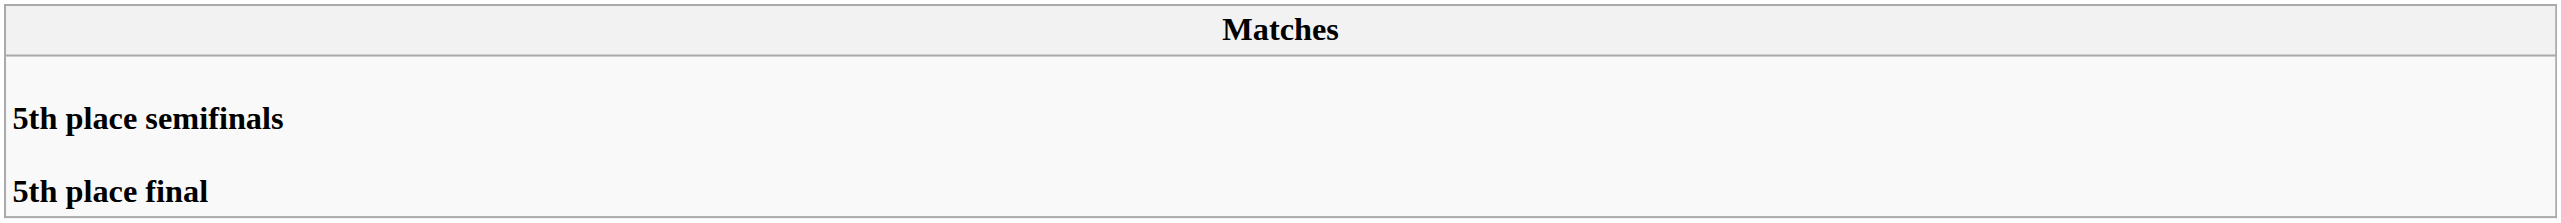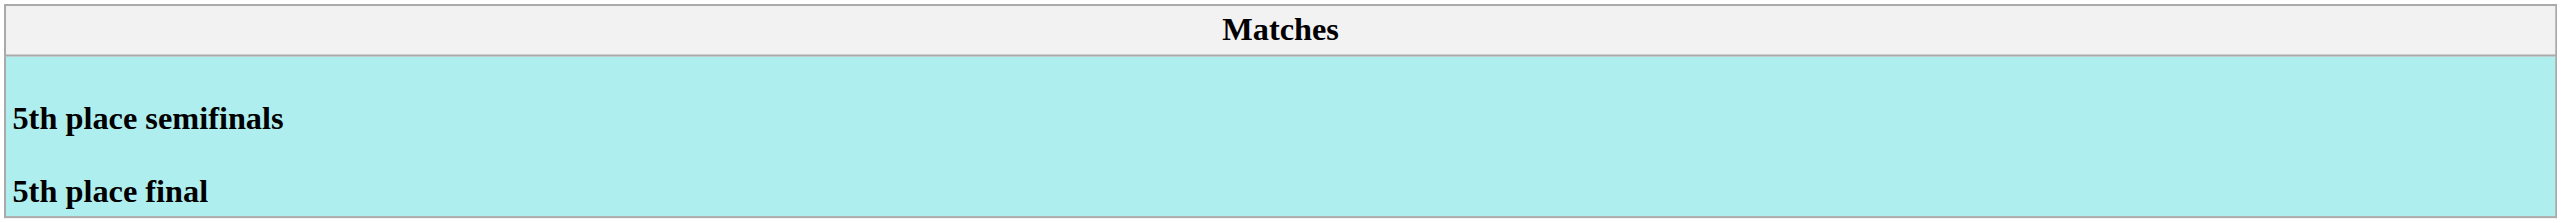 <table class="wikitable collapsible collapsed" style="width:100%;">
 <tr>
 <th>Matches</th>
 </tr>
 <tr>
-<td><br><strong>5th place semifinals</strong> <br><br><strong>5th place final</strong> </td>
+<td style="background: paleturquoise;"><br><strong>5th place semifinals</strong> <br><br><strong>5th place final</strong> </td>
 </tr>
 </table>
